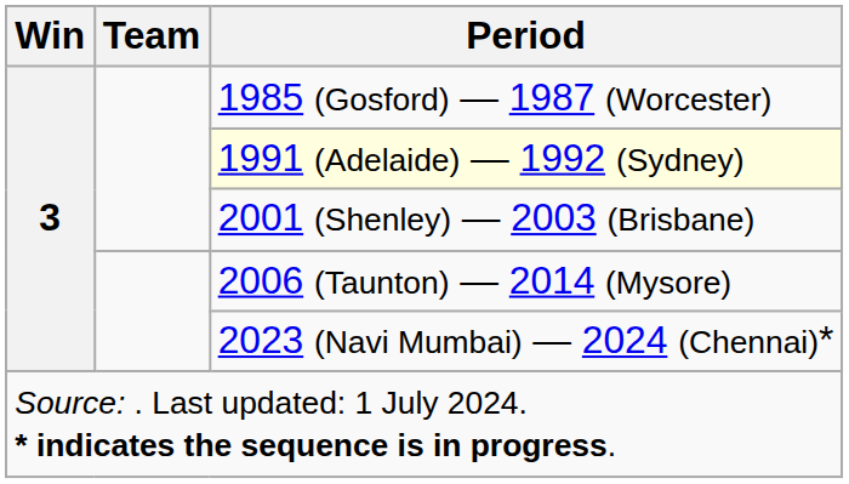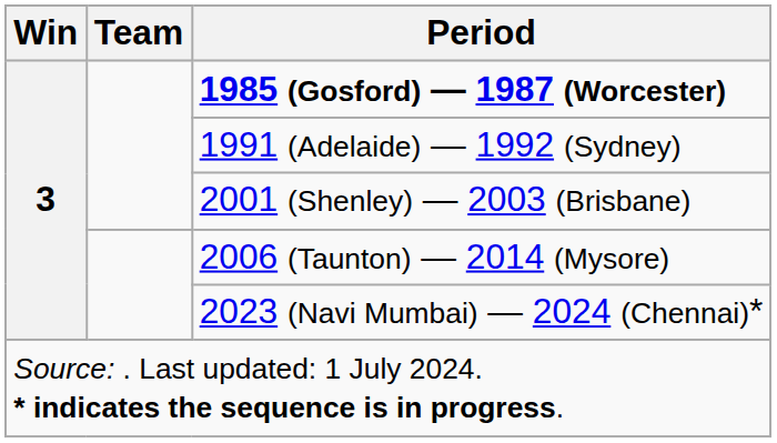 <table class="wikitable">
 <tr>
 <th>Win</th>
 <th>Team</th>
 <th>Period</th>
 </tr>
 <tr>
 <th rowspan=5>3</th>
 <td rowspan=3></td>
-<td><a href='#'>1985</a> <small>(Gosford)</small> — <a href='#'>1987</a> <small>(Worcester)</small></td>
+<td><strong><a href='#'>1985</a> <small>(Gosford)</small> — <a href='#'>1987</a> <small>(Worcester)</small></strong></td>
 </tr>
 <tr>
-<td style="background: lightyellow;"><a href='#'>1991</a> <small>(Adelaide)</small> — <a href='#'>1992</a> <small>(Sydney)</small></td>
+<td><a href='#'>1991</a> <small>(Adelaide)</small> — <a href='#'>1992</a> <small>(Sydney)</small></td>
 </tr>
 <tr>
 <td><a href='#'>2001</a> <small>(Shenley)</small> — <a href='#'>2003</a> <small>(Brisbane)</small></td>
 </tr>
 <tr>
 <td rowspan=2></td>
 <td><a href='#'>2006</a> <small>(Taunton)</small> — <a href='#'>2014</a> <small>(Mysore)</small></td>
 </tr>
 <tr>
 <td><a href='#'>2023</a> <small>(Navi Mumbai)</small> — <a href='#'>2024</a> <small>(Chennai)</small>*</td>
 </tr>
 <tr>
 <td colspan=3><small><em>Source: </em>. Last updated: 1 July 2024. <br><strong>* indicates the sequence is in progress</strong>.</small></td>
 </tr>
 </table>
